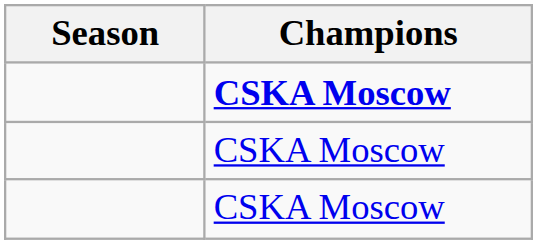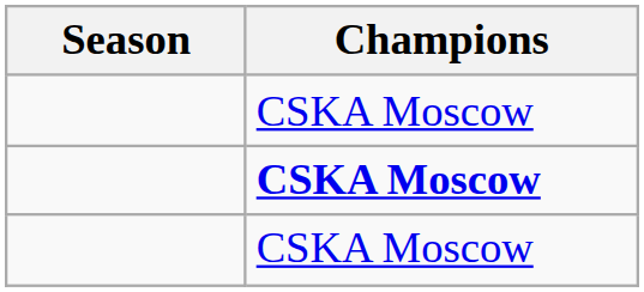 <table class="wikitable">
 <tr>
 <th style="width:80px">Season</th>
 <th style="width:135px">Champions</th>
+</tr>
+<tr>
+<td></td>
+<td><a href='#'>CSKA Moscow</a></td>
 </tr>
 <tr>
 <td></td>
 <td><strong><a href='#'>CSKA Moscow</a></strong></td>
 </tr>
 <tr>
 <td></td>
 <td><a href='#'>CSKA Moscow</a></td>
 </tr>
-<tr>
-<td></td>
-<td><a href='#'>CSKA Moscow</a></td>
-</tr>
 </table>
